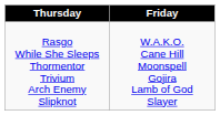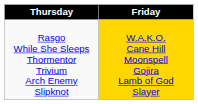 <table class="wikitable">
 <tr>
 <th width=150px style="background:black; color:white">Thursday</th>
 <th width=150px style="background:black; color:white">Friday</th>
 </tr>
 <tr>
 <td style="text-align: center;"><br><a href='#'>Rasgo</a><br> <a href='#'>While She Sleeps</a><br> <a href='#'>Thormentor</a><br> <a href='#'>Trivium</a><br> <a href='#'>Arch Enemy</a><br> <a href='#'>Slipknot</a></td>
-<td style="text-align: center;"><br><a href='#'>W.A.K.O.</a><br> <a href='#'>Cane Hill</a><br> <a href='#'>Moonspell</a><br> <a href='#'>Gojira</a><br> <a href='#'>Lamb of God</a><br> <a href='#'>Slayer</a></td>
+<td style="background: gold; text-align: center;"><br><a href='#'>W.A.K.O.</a><br> <a href='#'>Cane Hill</a><br> <a href='#'>Moonspell</a><br> <a href='#'>Gojira</a><br> <a href='#'>Lamb of God</a><br> <a href='#'>Slayer</a></td>
 </tr>
 </table>
